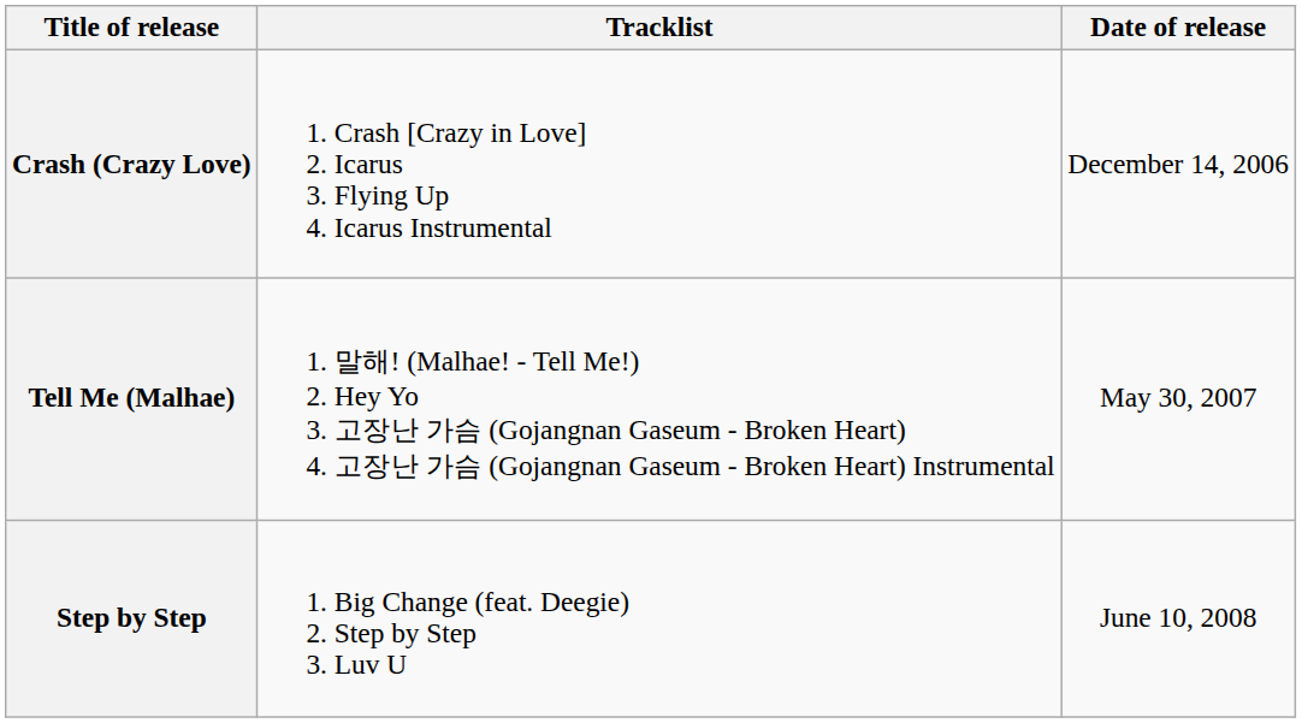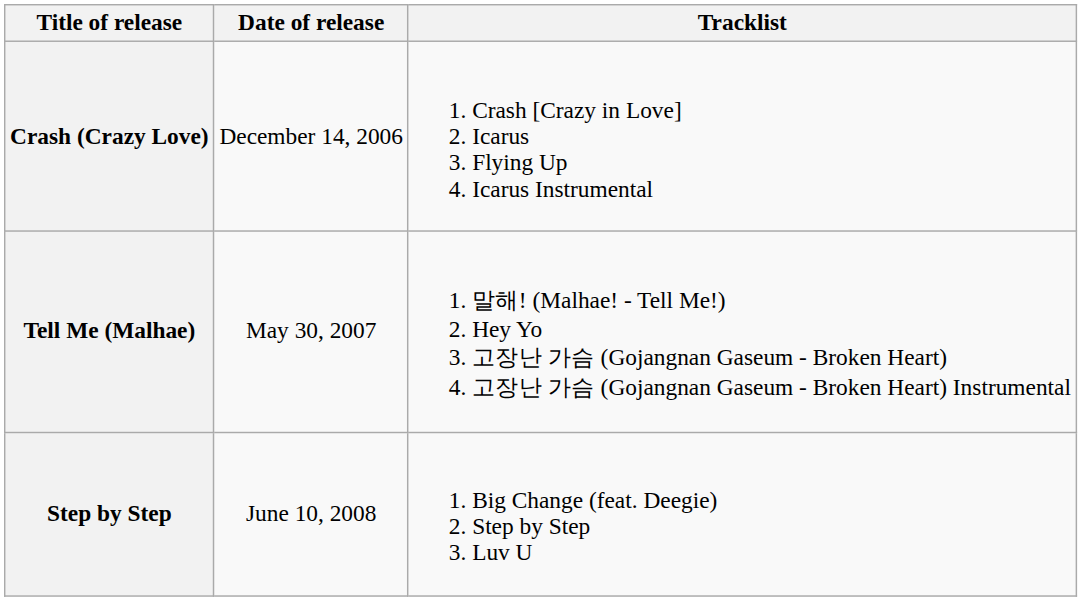 <table class="wikitable">
 <tr>
 <th align="left">Title of release</th>
+<th align="left">Date of release</th>
 <th align="left">Tracklist</th>
-<th align="left">Date of release</th>
 </tr>
 <tr>
 <th align="left">Crash (Crazy Love)</th>
+<td align="center">December 14, 2006</td>
 <td align="left"><br><ol><li>Crash [Crazy in Love]</li><li>Icarus</li><li>Flying Up</li><li>Icarus Instrumental</li></ol></td>
-<td align="center">December 14, 2006</td>
 </tr>
 <tr>
 <th align="left">Tell Me (Malhae)</th>
+<td align="center">May 30, 2007</td>
 <td align="left"><br><ol><li>말해! (Malhae! - Tell Me!)</li><li>Hey Yo</li><li>고장난 가슴 (Gojangnan Gaseum - Broken Heart)</li><li>고장난 가슴 (Gojangnan Gaseum - Broken Heart) Instrumental</li></ol></td>
-<td align="center">May 30, 2007</td>
 </tr>
 <tr>
 <th align="left">Step by Step</th>
+<td align="center">June 10, 2008</td>
 <td align="left"><br><ol><li>Big Change (feat. Deegie)</li><li>Step by Step</li><li>Luv U</li></ol></td>
-<td align="center">June 10, 2008</td>
 </tr>
 </table>
